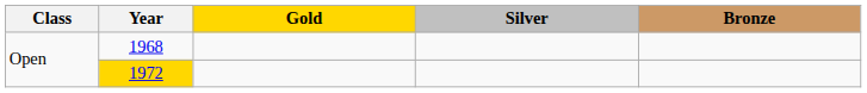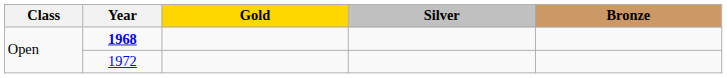 <table class="wikitable">
 <tr>
 <th width="80em">Class</th>
 <th width="80em">Year</th>
 <td width="200em" align=center bgcolor=gold><strong>Gold</strong></td>
 <td width="200em" align=center bgcolor=silver><strong>Silver</strong></td>
 <td width="200em" align=center bgcolor=cc9966><strong>Bronze</strong></td>
 </tr>
 <tr>
 <td rowspan=2>Open</td>
-<td align=center><a href='#'>1968</a></td>
+<td align=center><strong><a href='#'>1968</a></strong></td>
 <td></td>
 <td></td>
 <td></td>
 </tr>
 <tr>
-<td align=center style="background: gold;"><a href='#'>1972</a></td>
+<td align=center><a href='#'>1972</a></td>
 <td></td>
 <td></td>
 <td></td>
 </tr>
 </table>
